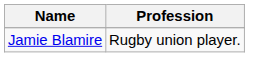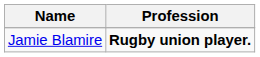 <table class="wikitable" border="1">
 <tr>
 <th>Name</th>
 <th>Profession</th>
 </tr>
 <tr>
 </tr>
 <tr>
 <td><a href='#'>Jamie Blamire</a></td>
-<td>Rugby union player.</td>
+<td><strong>Rugby union player.</strong></td>
 </tr>
 </table>
